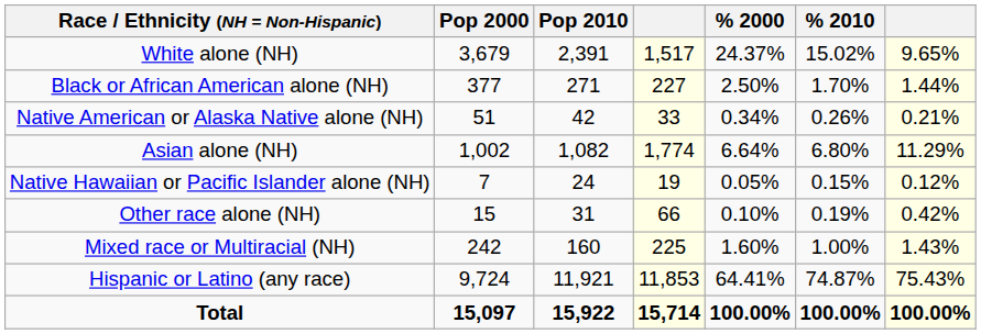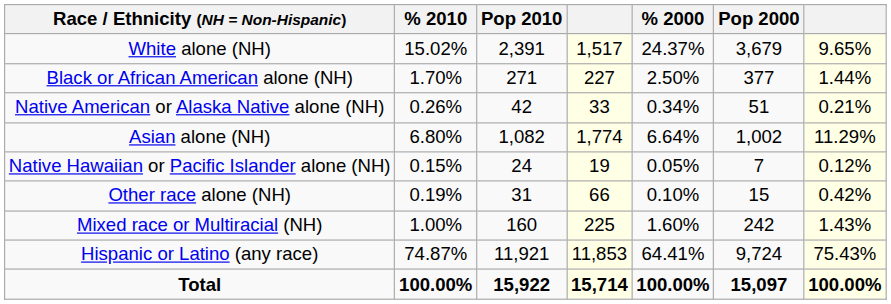 <table class="wikitable" style="text-align:center;">
 <tr>
 <th>Race / Ethnicity <small>(<em>NH = Non-Hispanic</em>)</small></th>
-<th>Pop 2000</th>
+<th>% 2010</th>
 <th>Pop 2010</th>
 <th></th>
 <th>% 2000</th>
-<th>% 2010</th>
+<th>Pop 2000</th>
 <th></th>
 </tr>
 <tr>
 <td><a href='#'>White</a> alone (NH)</td>
-<td>3,679</td>
+<td>15.02%</td>
 <td>2,391</td>
 <td style='background: #ffffe6;'>1,517</td>
 <td>24.37%</td>
-<td>15.02%</td>
+<td>3,679</td>
 <td style='background: #ffffe6;'>9.65%</td>
 </tr>
 <tr>
 <td><a href='#'>Black or African American</a> alone (NH)</td>
-<td>377</td>
+<td>1.70%</td>
 <td>271</td>
 <td style='background: #ffffe6;'>227</td>
 <td>2.50%</td>
-<td>1.70%</td>
+<td>377</td>
 <td style='background: #ffffe6;'>1.44%</td>
 </tr>
 <tr>
 <td><a href='#'>Native American</a> or <a href='#'>Alaska Native</a> alone (NH)</td>
-<td>51</td>
+<td>0.26%</td>
 <td>42</td>
 <td style='background: #ffffe6;'>33</td>
 <td>0.34%</td>
-<td>0.26%</td>
+<td>51</td>
 <td style='background: #ffffe6;'>0.21%</td>
 </tr>
 <tr>
 <td><a href='#'>Asian</a> alone (NH)</td>
-<td>1,002</td>
+<td>6.80%</td>
 <td>1,082</td>
 <td style='background: #ffffe6;'>1,774</td>
 <td>6.64%</td>
-<td>6.80%</td>
+<td>1,002</td>
 <td style='background: #ffffe6;'>11.29%</td>
 </tr>
 <tr>
 <td><a href='#'>Native Hawaiian</a> or <a href='#'>Pacific Islander</a> alone (NH)</td>
-<td>7</td>
+<td>0.15%</td>
 <td>24</td>
 <td style='background: #ffffe6;'>19</td>
 <td>0.05%</td>
-<td>0.15%</td>
+<td>7</td>
 <td style='background: #ffffe6;'>0.12%</td>
 </tr>
 <tr>
 <td><a href='#'>Other race</a> alone (NH)</td>
-<td>15</td>
+<td>0.19%</td>
 <td>31</td>
 <td style='background: #ffffe6;'>66</td>
 <td>0.10%</td>
-<td>0.19%</td>
+<td>15</td>
 <td style='background: #ffffe6;'>0.42%</td>
 </tr>
 <tr>
 <td><a href='#'>Mixed race or Multiracial</a> (NH)</td>
-<td>242</td>
+<td>1.00%</td>
 <td>160</td>
 <td style='background: #ffffe6;'>225</td>
 <td>1.60%</td>
-<td>1.00%</td>
+<td>242</td>
 <td style='background: #ffffe6;'>1.43%</td>
 </tr>
 <tr>
 <td><a href='#'>Hispanic or Latino</a> (any race)</td>
-<td>9,724</td>
+<td>74.87%</td>
 <td>11,921</td>
 <td style='background: #ffffe6;'>11,853</td>
 <td>64.41%</td>
-<td>74.87%</td>
+<td>9,724</td>
 <td style='background: #ffffe6;'>75.43%</td>
 </tr>
 <tr>
 <td><strong>Total</strong></td>
-<td><strong>15,097</strong></td>
+<td><strong>100.00%</strong></td>
 <td><strong>15,922</strong></td>
 <td style='background: #ffffe6;'><strong>15,714</strong></td>
 <td><strong>100.00%</strong></td>
-<td><strong>100.00%</strong></td>
+<td><strong>15,097</strong></td>
 <td style='background: #ffffe6;'><strong>100.00%</strong></td>
 </tr>
 </table>
